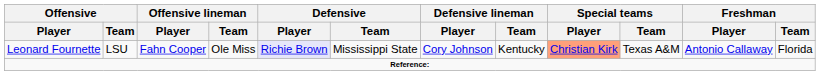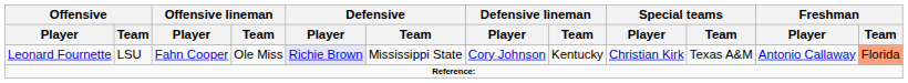 <table class="wikitable">
 <tr>
 <th colspan="2">Offensive</th>
 <th colspan="2">Offensive lineman</th>
 <th colspan="2">Defensive</th>
 <th colspan="2">Defensive lineman</th>
 <th colspan="2">Special teams</th>
 <th colspan="2">Freshman</th>
 </tr>
 <tr>
 <th>Player</th>
 <th>Team</th>
 <th>Player</th>
 <th>Team</th>
 <th>Player</th>
 <th>Team</th>
 <th>Player</th>
 <th>Team</th>
 <th>Player</th>
 <th>Team</th>
 <th>Player</th>
 <th>Team</th>
 </tr>
 <tr>
 <td><a href='#'>Leonard Fournette</a></td>
 <td>LSU</td>
 <td><a href='#'>Fahn Cooper</a></td>
 <td>Ole Miss</td>
 <td style="background: lavender;"><a href='#'>Richie Brown</a></td>
 <td>Mississippi State</td>
 <td><a href='#'>Cory Johnson</a></td>
 <td>Kentucky</td>
-<td style="background: lightsalmon;"><a href='#'>Christian Kirk</a></td>
+<td><a href='#'>Christian Kirk</a></td>
 <td>Texas A&M</td>
 <td><a href='#'>Antonio Callaway</a></td>
-<td>Florida</td>
+<td style="background: lightsalmon;">Florida</td>
 </tr>
 <tr>
 <td colspan="12"  style="font-size:8pt; text-align:center;"><strong>Reference:</strong></td>
 </tr>
 </table>
